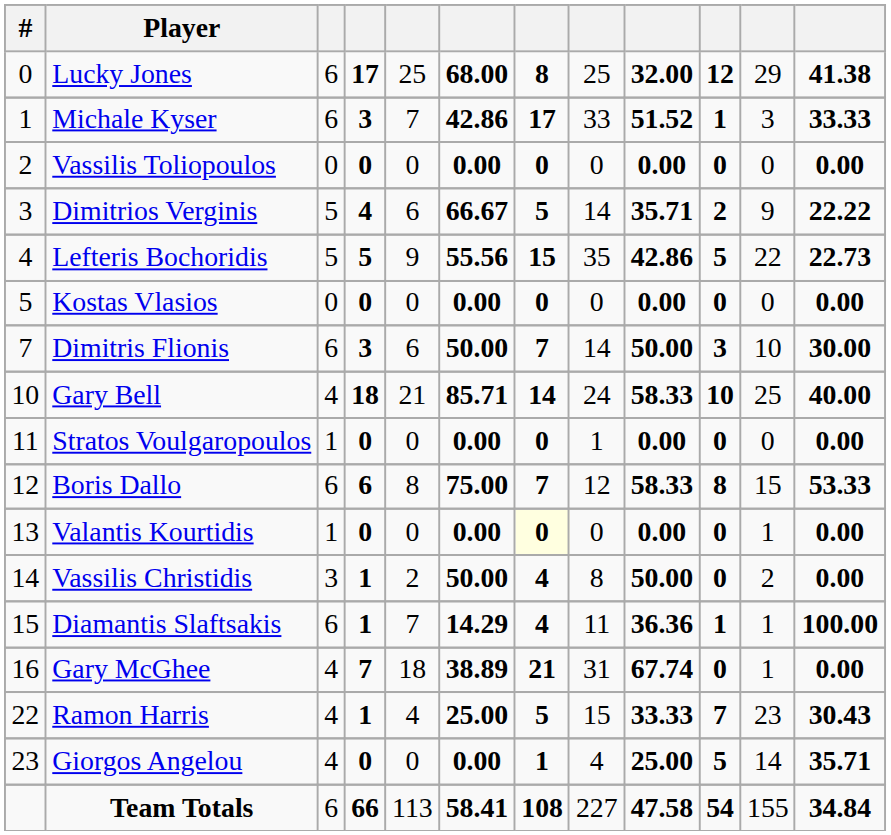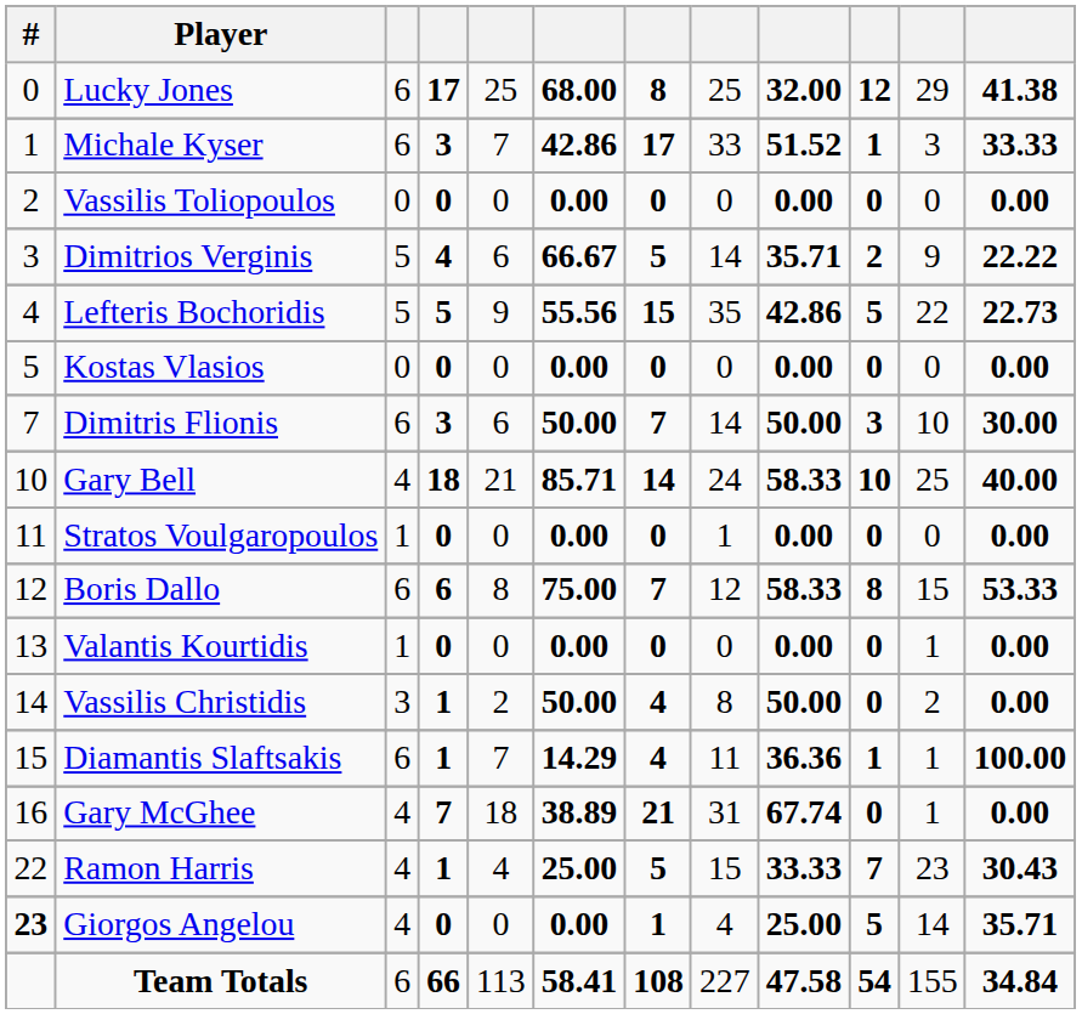 <table class="wikitable sortable" style="font-size:90%; text-align:center;">
 <tr>
 <th>#</th>
 <th>Player</th>
 <th></th>
 <th></th>
 <th></th>
 <th></th>
 <th></th>
 <th></th>
 <th></th>
 <th></th>
 <th></th>
 <th></th>
 </tr>
 <tr>
 <td>0</td>
 <td align="left"> <a href='#'>Lucky Jones</a></td>
 <td>6</td>
 <td><strong>17</strong></td>
 <td>25</td>
 <td><strong>68.00</strong></td>
 <td><strong>8</strong></td>
 <td>25</td>
 <td><strong>32.00</strong></td>
 <td><strong>12</strong></td>
 <td>29</td>
 <td><strong>41.38</strong></td>
 </tr>
 <tr>
 </tr>
 <tr>
 <td>1</td>
 <td align="left"> <a href='#'>Michale Kyser</a></td>
 <td>6</td>
 <td><strong>3</strong></td>
 <td>7</td>
 <td><strong>42.86</strong></td>
 <td><strong>17</strong></td>
 <td>33</td>
 <td><strong>51.52</strong></td>
 <td><strong>1</strong></td>
 <td>3</td>
 <td><strong>33.33</strong></td>
 </tr>
 <tr>
 </tr>
 <tr>
 <td>2</td>
 <td align="left"> <a href='#'>Vassilis Toliopoulos</a></td>
 <td>0</td>
 <td><strong>0</strong></td>
 <td>0</td>
 <td><strong>0.00</strong></td>
 <td><strong>0</strong></td>
 <td>0</td>
 <td><strong>0.00</strong></td>
 <td><strong>0</strong></td>
 <td>0</td>
 <td><strong>0.00</strong></td>
 </tr>
 <tr>
 </tr>
 <tr>
 <td>3</td>
 <td align="left"> <a href='#'>Dimitrios Verginis</a></td>
 <td>5</td>
 <td><strong>4</strong></td>
 <td>6</td>
 <td><strong>66.67</strong></td>
 <td><strong>5</strong></td>
 <td>14</td>
 <td><strong>35.71</strong></td>
 <td><strong>2</strong></td>
 <td>9</td>
 <td><strong>22.22</strong></td>
 </tr>
 <tr>
 </tr>
 <tr>
 <td>4</td>
 <td align="left"> <a href='#'>Lefteris Bochoridis</a></td>
 <td>5</td>
 <td><strong>5</strong></td>
 <td>9</td>
 <td><strong>55.56</strong></td>
 <td><strong>15</strong></td>
 <td>35</td>
 <td><strong>42.86</strong></td>
 <td><strong>5</strong></td>
 <td>22</td>
 <td><strong>22.73</strong></td>
 </tr>
 <tr>
 </tr>
 <tr>
 <td>5</td>
 <td align="left"> <a href='#'>Kostas Vlasios</a></td>
 <td>0</td>
 <td><strong>0</strong></td>
 <td>0</td>
 <td><strong>0.00</strong></td>
 <td><strong>0</strong></td>
 <td>0</td>
 <td><strong>0.00</strong></td>
 <td><strong>0</strong></td>
 <td>0</td>
 <td><strong>0.00</strong></td>
 </tr>
 <tr>
 </tr>
 <tr>
 <td>7</td>
 <td align="left"> <a href='#'>Dimitris Flionis</a></td>
 <td>6</td>
 <td><strong>3</strong></td>
 <td>6</td>
 <td><strong>50.00</strong></td>
 <td><strong>7</strong></td>
 <td>14</td>
 <td><strong>50.00</strong></td>
 <td><strong>3</strong></td>
 <td>10</td>
 <td><strong>30.00</strong></td>
 </tr>
 <tr>
 </tr>
 <tr>
 <td>10</td>
 <td align="left"> <a href='#'>Gary Bell</a></td>
 <td>4</td>
 <td><strong>18</strong></td>
 <td>21</td>
 <td><strong>85.71</strong></td>
 <td><strong>14</strong></td>
 <td>24</td>
 <td><strong>58.33</strong></td>
 <td><strong>10</strong></td>
 <td>25</td>
 <td><strong>40.00</strong></td>
 </tr>
 <tr>
 </tr>
 <tr>
 <td>11</td>
 <td align="left"> <a href='#'>Stratos Voulgaropoulos</a></td>
 <td>1</td>
 <td><strong>0</strong></td>
 <td>0</td>
 <td><strong>0.00</strong></td>
 <td><strong>0</strong></td>
 <td>1</td>
 <td><strong>0.00</strong></td>
 <td><strong>0</strong></td>
 <td>0</td>
 <td><strong>0.00</strong></td>
 </tr>
 <tr>
 </tr>
 <tr>
 <td>12</td>
 <td align="left"> <a href='#'>Boris Dallo</a></td>
 <td>6</td>
 <td><strong>6</strong></td>
 <td>8</td>
 <td><strong>75.00</strong></td>
 <td><strong>7</strong></td>
 <td>12</td>
 <td><strong>58.33</strong></td>
 <td><strong>8</strong></td>
 <td>15</td>
 <td><strong>53.33</strong></td>
 </tr>
 <tr>
 </tr>
 <tr>
 <td>13</td>
 <td align="left"> <a href='#'>Valantis Kourtidis</a></td>
 <td>1</td>
 <td><strong>0</strong></td>
 <td>0</td>
 <td><strong>0.00</strong></td>
-<td style="background: lightyellow;"><strong>0</strong></td>
+<td><strong>0</strong></td>
 <td>0</td>
 <td><strong>0.00</strong></td>
 <td><strong>0</strong></td>
 <td>1</td>
 <td><strong>0.00</strong></td>
 </tr>
 <tr>
 </tr>
 <tr>
 <td>14</td>
 <td align="left"> <a href='#'>Vassilis Christidis</a></td>
 <td>3</td>
 <td><strong>1</strong></td>
 <td>2</td>
 <td><strong>50.00</strong></td>
 <td><strong>4</strong></td>
 <td>8</td>
 <td><strong>50.00</strong></td>
 <td><strong>0</strong></td>
 <td>2</td>
 <td><strong>0.00</strong></td>
 </tr>
 <tr>
 </tr>
 <tr>
 <td>15</td>
 <td align="left"> <a href='#'>Diamantis Slaftsakis</a></td>
 <td>6</td>
 <td><strong>1</strong></td>
 <td>7</td>
 <td><strong>14.29</strong></td>
 <td><strong>4</strong></td>
 <td>11</td>
 <td><strong>36.36</strong></td>
 <td><strong>1</strong></td>
 <td>1</td>
 <td><strong>100.00</strong></td>
 </tr>
 <tr>
 </tr>
 <tr>
 <td>16</td>
 <td align="left"> <a href='#'>Gary McGhee</a></td>
 <td>4</td>
 <td><strong>7</strong></td>
 <td>18</td>
 <td><strong>38.89</strong></td>
 <td><strong>21</strong></td>
 <td>31</td>
 <td><strong>67.74</strong></td>
 <td><strong>0</strong></td>
 <td>1</td>
 <td><strong>0.00</strong></td>
 </tr>
 <tr>
 </tr>
 <tr>
 <td>22</td>
 <td align="left"> <a href='#'>Ramon Harris</a></td>
 <td>4</td>
 <td><strong>1</strong></td>
 <td>4</td>
 <td><strong>25.00</strong></td>
 <td><strong>5</strong></td>
 <td>15</td>
 <td><strong>33.33</strong></td>
 <td><strong>7</strong></td>
 <td>23</td>
 <td><strong>30.43</strong></td>
 </tr>
 <tr>
 </tr>
 <tr>
-<td>23</td>
+<td><strong>23</strong></td>
 <td align="left"> <a href='#'>Giorgos Angelou</a></td>
 <td>4</td>
 <td><strong>0</strong></td>
 <td>0</td>
 <td><strong>0.00</strong></td>
 <td><strong>1</strong></td>
 <td>4</td>
 <td><strong>25.00</strong></td>
 <td><strong>5</strong></td>
 <td>14</td>
 <td><strong>35.71</strong></td>
 </tr>
 <tr>
 </tr>
 <tr>
 <td></td>
 <td><strong>Team Totals</strong></td>
 <td>6</td>
 <td><strong>66</strong></td>
 <td>113</td>
 <td><strong>58.41</strong></td>
 <td><strong>108</strong></td>
 <td>227</td>
 <td><strong>47.58</strong></td>
 <td><strong>54</strong></td>
 <td>155</td>
 <td><strong>34.84</strong></td>
 </tr>
 <tr>
 </tr>
 </table>
